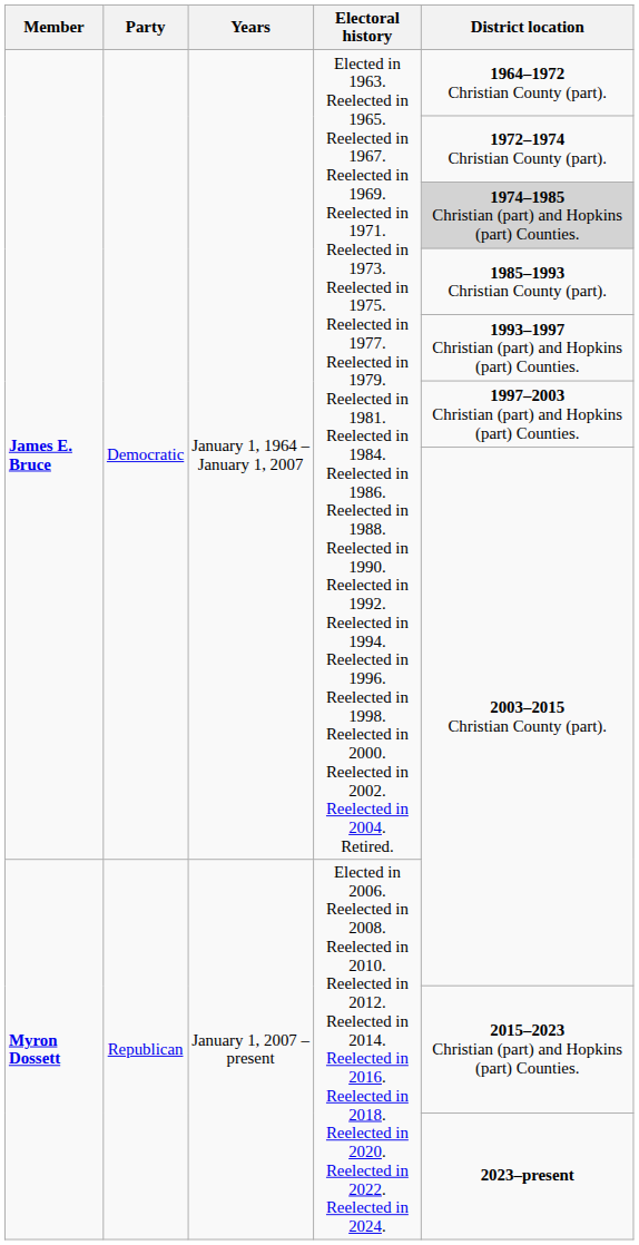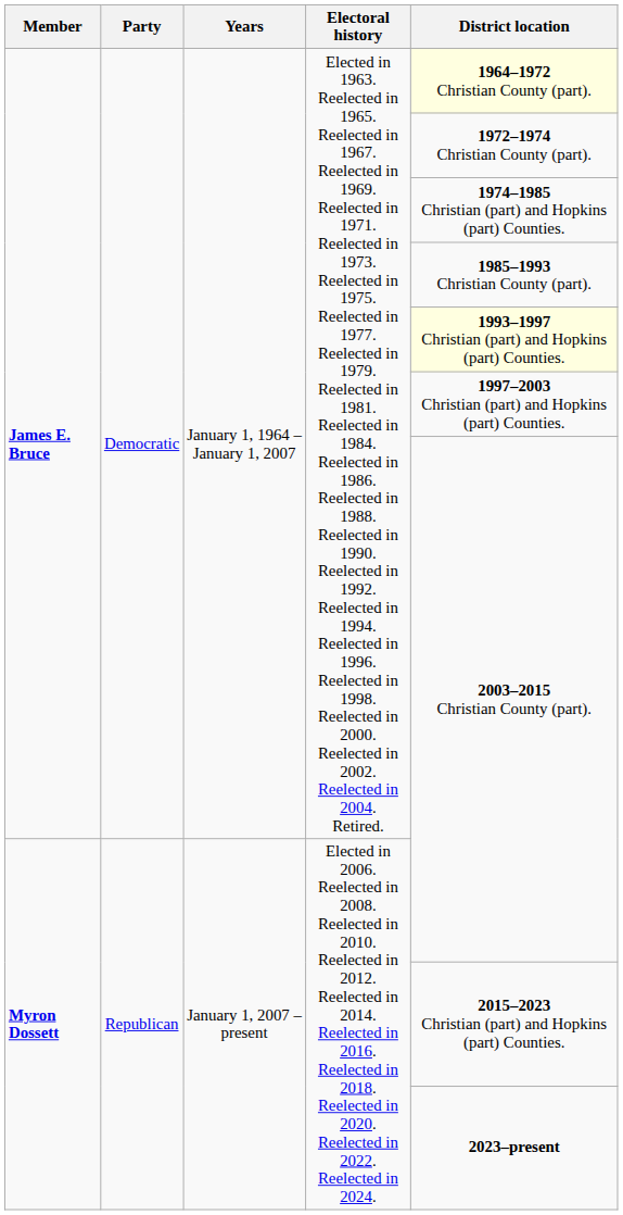 <table class=wikitable style="text-align:center">
 <tr>
 <th>Member</th>
 <th>Party</th>
 <th>Years</th>
 <th>Electoral history</th>
 <th>District location</th>
 </tr>
 <tr style="height:4em">
 <td rowspan=7 align=left><strong><a href='#'>James E. Bruce</a></strong><br></td>
 <td rowspan=7 ><a href='#'>Democratic</a></td>
 <td rowspan=7 nowrap>January 1, 1964 –<br>January 1, 2007</td>
 <td rowspan=7>Elected in 1963.<br>Reelected in 1965.<br>Reelected in 1967.<br>Reelected in 1969.<br>Reelected in 1971.<br>Reelected in 1973.<br>Reelected in 1975.<br>Reelected in 1977.<br>Reelected in 1979.<br>Reelected in 1981.<br>Reelected in 1984.<br>Reelected in 1986.<br>Reelected in 1988.<br>Reelected in 1990.<br>Reelected in 1992.<br>Reelected in 1994.<br>Reelected in 1996.<br>Reelected in 1998.<br>Reelected in 2000.<br>Reelected in 2002.<br><a href='#'>Reelected in 2004</a>.<br>Retired.</td>
-<td><strong>1964–1972</strong><br>Christian County (part).</td>
+<td style="background: lightyellow;"><strong>1964–1972</strong><br>Christian County (part).</td>
 </tr>
 <tr style="height:4em">
 <td><strong>1972–1974</strong><br>Christian County (part).</td>
 </tr>
 <tr style="height:4em">
-<td style="background: lightgrey;"><strong>1974–1985</strong><br>Christian (part) and Hopkins (part) Counties.</td>
+<td><strong>1974–1985</strong><br>Christian (part) and Hopkins (part) Counties.</td>
 </tr>
 <tr style="height:4em">
 <td><strong>1985–1993</strong><br>Christian County (part).</td>
 </tr>
 <tr style="height:4em">
-<td><strong>1993–1997</strong><br>Christian (part) and Hopkins (part) Counties.</td>
+<td style="background: lightyellow;"><strong>1993–1997</strong><br>Christian (part) and Hopkins (part) Counties.</td>
 </tr>
 <tr style="height:4em">
 <td><strong>1997–2003</strong><br>Christian (part) and Hopkins (part) Counties.</td>
 </tr>
 <tr style="height:4em">
 <td rowspan=2><strong>2003–2015</strong><br>Christian County (part).</td>
 </tr>
 <tr style="height:4em">
 <td rowspan=3 align=left><strong><a href='#'>Myron Dossett</a></strong><br></td>
 <td rowspan=3 ><a href='#'>Republican</a></td>
 <td rowspan=3 nowrap>January 1, 2007 –<br>present</td>
 <td rowspan=3>Elected in 2006.<br>Reelected in 2008.<br>Reelected in 2010.<br>Reelected in 2012.<br>Reelected in 2014.<br><a href='#'>Reelected in 2016</a>.<br><a href='#'>Reelected in 2018</a>.<br><a href='#'>Reelected in 2020</a>.<br><a href='#'>Reelected in 2022</a>.<br><a href='#'>Reelected in 2024</a>.</td>
 </tr>
 <tr style="height:4em">
 <td><strong>2015–2023</strong><br>Christian (part) and Hopkins (part) Counties.</td>
 </tr>
 <tr style="height:4em">
 <td><strong>2023–present</strong><br></td>
 </tr>
 </table>
